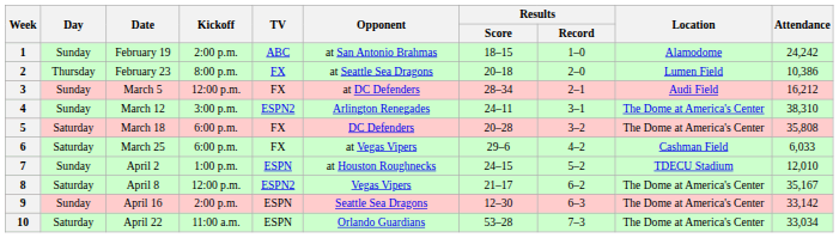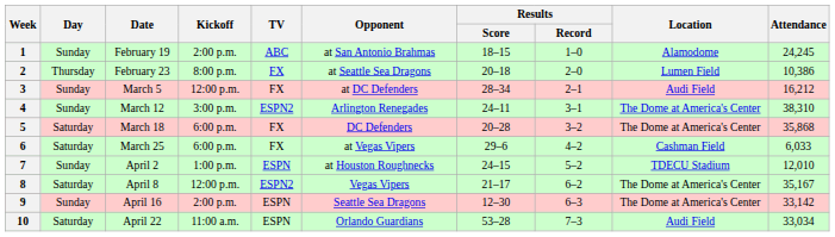 <table class="wikitable" style="text-align:center; font-size: 95%;">
 <tr>
 <th rowspan="2" width="40">Week</th>
 <th rowspan="2" width="80">Day</th>
 <th rowspan="2" width="90">Date</th>
 <th rowspan="2" width="90">Kickoff</th>
 <th rowspan="2" width="60">TV</th>
 <th rowspan="2" width="200">Opponent</th>
 <th colspan="2" width="200">Results</th>
 <th rowspan="2" width="200">Location</th>
 <th rowspan="2">Attendance</th>
 </tr>
 <tr>
 <th width="60">Score</th>
 <th width="60">Record</th>
 </tr>
 <tr bgcolor=#ccffcc>
 <th>1</th>
 <td>Sunday</td>
 <td>February 19</td>
 <td>2:00 p.m.</td>
 <td><a href='#'>ABC</a></td>
 <td>at <a href='#'>San Antonio Brahmas</a></td>
 <td>18–15</td>
 <td>1–0</td>
 <td><a href='#'>Alamodome</a></td>
-<td>24,242</td>
+<td>24,245</td>
 </tr>
 <tr bgcolor=#ccffcc>
 <th>2</th>
 <td>Thursday</td>
 <td>February 23</td>
 <td>8:00 p.m.</td>
 <td><a href='#'>FX</a></td>
 <td>at <a href='#'>Seattle Sea Dragons</a></td>
 <td>20–18</td>
 <td>2–0</td>
 <td><a href='#'>Lumen Field</a></td>
 <td>10,386</td>
 </tr>
 <tr bgcolor=#ffcccc>
 <th>3</th>
 <td>Sunday</td>
 <td>March 5</td>
 <td>12:00 p.m.</td>
 <td>FX</td>
 <td>at <a href='#'>DC Defenders</a></td>
 <td>28–34</td>
 <td>2–1</td>
 <td><a href='#'>Audi Field</a></td>
 <td>16,212</td>
 </tr>
 <tr bgcolor=#ccffcc>
 <th>4</th>
 <td>Sunday</td>
 <td>March 12</td>
 <td>3:00 p.m.</td>
 <td><a href='#'>ESPN2</a></td>
 <td><a href='#'>Arlington Renegades</a></td>
 <td>24–11</td>
 <td>3–1</td>
 <td><a href='#'>The Dome at America's Center</a></td>
 <td>38,310</td>
 </tr>
 <tr bgcolor=#ffcccc>
 <th>5</th>
 <td>Saturday</td>
 <td>March 18</td>
 <td>6:00 p.m.</td>
 <td>FX</td>
 <td><a href='#'>DC Defenders</a></td>
 <td>20–28</td>
 <td>3–2</td>
 <td>The Dome at America's Center</td>
-<td>35,808</td>
+<td>35,868</td>
 </tr>
 <tr bgcolor=#ccffcc>
 <th>6</th>
 <td>Saturday</td>
 <td>March 25</td>
 <td>6:00 p.m.</td>
 <td>FX</td>
 <td>at <a href='#'>Vegas Vipers</a></td>
 <td>29–6</td>
 <td>4–2</td>
 <td><a href='#'>Cashman Field</a></td>
 <td>6,033</td>
 </tr>
 <tr bgcolor=#ccffcc>
 <th>7</th>
 <td>Sunday</td>
 <td>April 2</td>
 <td>1:00 p.m.</td>
 <td><a href='#'>ESPN</a></td>
 <td>at <a href='#'>Houston Roughnecks</a></td>
 <td>24–15</td>
 <td>5–2</td>
 <td><a href='#'>TDECU Stadium</a></td>
 <td>12,010</td>
 </tr>
 <tr bgcolor=#ccffcc>
 <th>8</th>
 <td>Saturday</td>
 <td>April 8</td>
 <td>12:00 p.m.</td>
 <td><a href='#'>ESPN2</a></td>
 <td><a href='#'>Vegas Vipers</a></td>
 <td>21–17 </td>
 <td>6–2</td>
 <td>The Dome at America's Center</td>
 <td>35,167</td>
 </tr>
 <tr bgcolor=#ffcccc>
 <th>9</th>
 <td>Sunday</td>
 <td>April 16</td>
 <td>2:00 p.m.</td>
 <td>ESPN</td>
 <td><a href='#'>Seattle Sea Dragons</a></td>
 <td>12–30</td>
 <td>6–3</td>
 <td>The Dome at America's Center</td>
 <td>33,142</td>
 </tr>
 <tr bgcolor=#ccffcc>
 <th>10</th>
 <td>Saturday</td>
 <td>April 22</td>
 <td>11:00 a.m.</td>
 <td>ESPN</td>
 <td><a href='#'>Orlando Guardians</a></td>
 <td>53–28</td>
 <td>7–3</td>
-<td>The Dome at America's Center</td>
+<td><a href='#'>Audi Field</a></td>
 <td>33,034</td>
 </tr>
 </table>
